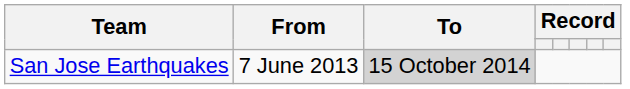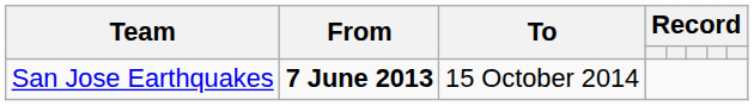 <table class="wikitable" style="text-align: center">
 <tr>
 <th rowspan="2">Team</th>
 <th rowspan="2">From</th>
 <th rowspan="2">To</th>
 <th colspan="5">Record</th>
 </tr>
 <tr>
 <th></th>
 <th></th>
 <th></th>
 <th></th>
 <th></th>
 </tr>
 <tr>
 <td><a href='#'>San Jose Earthquakes</a></td>
-<td>7 June 2013</td>
-<td style="background: lightgrey;">15 October 2014<br></td>
+<td><strong>7 June 2013</strong></td>
+<td>15 October 2014<br></td>
 </tr>
 </table>
